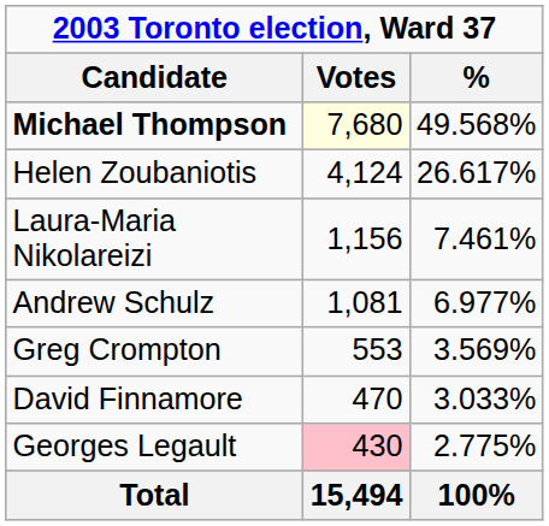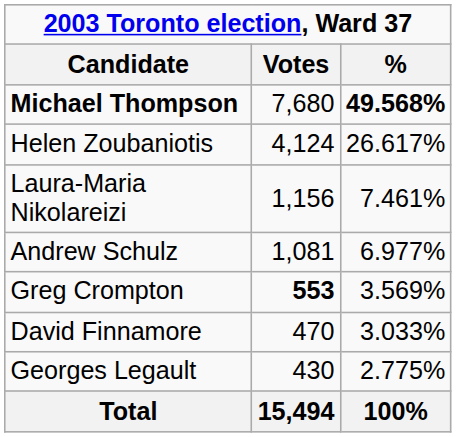 <table class="wikitable" style="margin-bottom:0;">
 <tr>
 <td colspan="3" align="center"><strong><a href='#'>2003 Toronto election</a>, Ward 37</strong></td>
 </tr>
 <tr>
 <th bgcolor="#DDDDFF" width="150px">Candidate</th>
 <th bgcolor="#DDDDFF">Votes</th>
 <th bgcolor="#DDDDFF">%</th>
 </tr>
 <tr>
 <td><strong>Michael Thompson</strong></td>
-<td align=right style="background: lightyellow;">7,680</td>
-<td align=right>49.568%</td>
+<td align=right>7,680</td>
+<td align=right><strong>49.568%</strong></td>
 </tr>
 <tr>
 <td>Helen Zoubaniotis</td>
 <td align=right>4,124</td>
 <td align=right>26.617%</td>
 </tr>
 <tr>
 <td>Laura-Maria Nikolareizi</td>
 <td align=right>1,156</td>
 <td align=right>7.461%</td>
 </tr>
 <tr>
 <td>Andrew Schulz</td>
 <td align=right>1,081</td>
 <td align=right>6.977%</td>
 </tr>
 <tr>
 <td>Greg Crompton</td>
-<td align=right>553</td>
+<td align=right><strong>553</strong></td>
 <td align=right>3.569%</td>
 </tr>
 <tr>
 <td>David Finnamore</td>
 <td align=right>470</td>
 <td align=right>3.033%</td>
 </tr>
 <tr>
 <td>Georges Legault</td>
-<td align=right style="background: pink;">430</td>
+<td align=right>430</td>
 <td align=right>2.775%</td>
 </tr>
 <tr>
 <th>Total</th>
 <th align=right>15,494</th>
 <th align=right>100%</th>
 </tr>
 </table>
